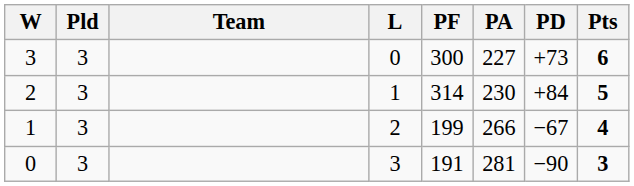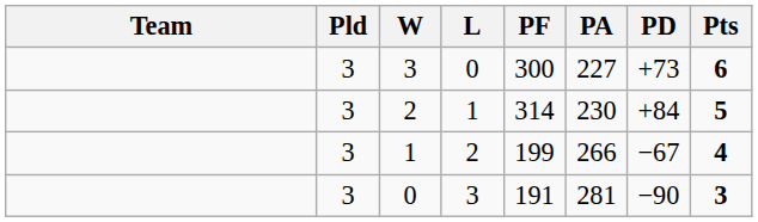 <table class=wikitable style="text-align:center">
 <tr>
+<th width=180>Team</th>
+<th width=30>Pld</th>
 <th width=30>W</th>
-<th width=30>Pld</th>
-<th width=180>Team</th>
 <th width=30>L</th>
 <th width=30>PF</th>
 <th width=30>PA</th>
 <th width=30>PD</th>
 <th width=30>Pts</th>
 </tr>
 <tr>
+<td align="left"></td>
 <td>3</td>
 <td>3</td>
-<td align="left"></td>
 <td>0</td>
 <td>300</td>
 <td>227</td>
 <td>+73</td>
 <td><strong>6</strong></td>
 </tr>
 <tr>
+<td align="left"></td>
+<td>3</td>
 <td>2</td>
-<td>3</td>
-<td align="left"></td>
 <td>1</td>
 <td>314</td>
 <td>230</td>
 <td>+84</td>
 <td><strong>5</strong></td>
 </tr>
 <tr>
+<td align="left"></td>
+<td>3</td>
 <td>1</td>
-<td>3</td>
-<td align="left"></td>
 <td>2</td>
 <td>199</td>
 <td>266</td>
 <td>−67</td>
 <td><strong>4</strong></td>
 </tr>
 <tr>
+<td align="left"></td>
+<td>3</td>
 <td>0</td>
-<td>3</td>
-<td align="left"></td>
 <td>3</td>
 <td>191</td>
 <td>281</td>
 <td>−90</td>
 <td><strong>3</strong></td>
 </tr>
 </table>
